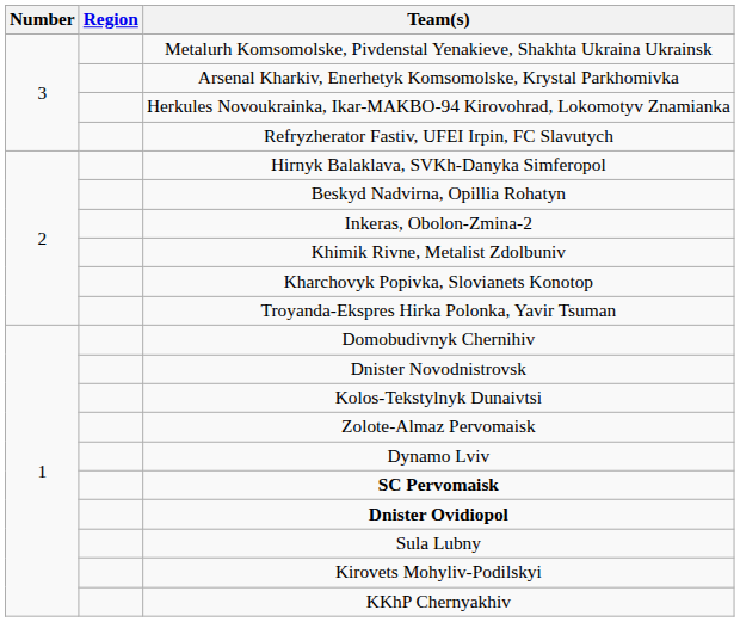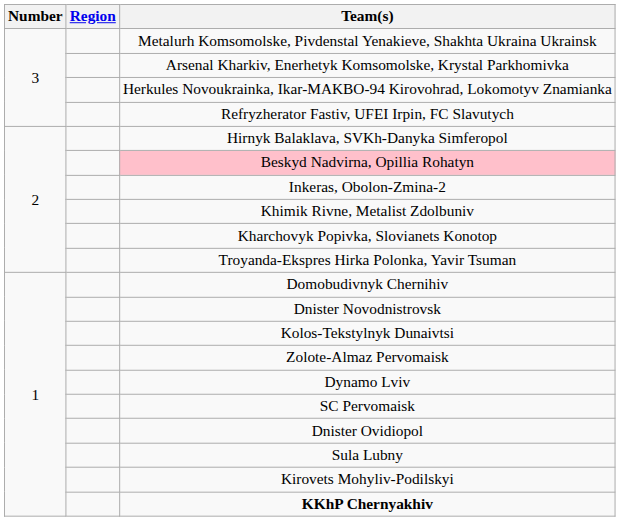 <table class="wikitable" style="text-align:center">
 <tr>
 <th>Number</th>
 <th><a href='#'>Region</a></th>
 <th>Team(s)</th>
 </tr>
 <tr>
 <td rowspan="4">3</td>
 <td align="left"></td>
 <td>Metalurh Komsomolske, Pivdenstal Yenakieve, Shakhta Ukraina Ukrainsk</td>
 </tr>
 <tr>
 <td align="left"></td>
 <td>Arsenal Kharkiv, Enerhetyk Komsomolske, Krystal Parkhomivka</td>
 </tr>
 <tr>
 <td align="left"></td>
 <td>Herkules Novoukrainka, Ikar-MAKBO-94 Kirovohrad, Lokomotyv Znamianka</td>
 </tr>
 <tr>
 <td align="left"></td>
 <td>Refryzherator Fastiv, UFEI Irpin, FC Slavutych</td>
 </tr>
 <tr>
 <td rowspan="6">2</td>
 <td align="left"></td>
 <td>Hirnyk Balaklava, SVKh-Danyka Simferopol</td>
 </tr>
 <tr>
 <td align="left"></td>
-<td>Beskyd Nadvirna, Opillia Rohatyn</td>
+<td style="background: pink;">Beskyd Nadvirna, Opillia Rohatyn</td>
 </tr>
 <tr>
 <td align="left"></td>
 <td>Inkeras, Obolon-Zmina-2</td>
 </tr>
 <tr>
 <td align="left"></td>
 <td>Khimik Rivne, Metalist Zdolbuniv</td>
 </tr>
 <tr>
 <td align="left"></td>
 <td>Kharchovyk Popivka, Slovianets Konotop</td>
 </tr>
 <tr>
 <td align="left"></td>
 <td>Troyanda-Ekspres Hirka Polonka, Yavir Tsuman</td>
 </tr>
 <tr>
 <td rowspan="16">1</td>
 <td align="left"></td>
 <td>Domobudivnyk Chernihiv</td>
 </tr>
 <tr>
 <td align="left"></td>
 <td>Dnister Novodnistrovsk</td>
 </tr>
 <tr>
 <td align="left"></td>
 <td>Kolos-Tekstylnyk Dunaivtsi</td>
 </tr>
 <tr>
 <td align="left"></td>
 <td>Zolote-Almaz Pervomaisk</td>
 </tr>
 <tr>
 <td align="left"></td>
 <td>Dynamo Lviv</td>
 </tr>
 <tr>
 <td align="left"></td>
-<td><strong>SC Pervomaisk</strong></td>
+<td>SC Pervomaisk</td>
 </tr>
 <tr>
 <td align="left"></td>
-<td><strong>Dnister Ovidiopol</strong></td>
+<td>Dnister Ovidiopol</td>
 </tr>
 <tr>
 <td align="left"></td>
 <td>Sula Lubny</td>
 </tr>
 <tr>
 <td align="left"></td>
 <td>Kirovets Mohyliv-Podilskyi</td>
 </tr>
 <tr>
 <td align="left"></td>
-<td>KKhP Chernyakhiv</td>
+<td><strong>KKhP Chernyakhiv</strong></td>
 </tr>
 </table>
